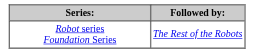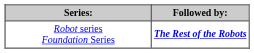 <table border="1" cellpadding="3" cellspacing="0" style="margin:auto;">
 <tr style="background:#ccc;">
 <th style="width:60%;">Series:<br></th>
 <th style="width:40%;">Followed by:</th>
 </tr>
 <tr style="text-align:center;">
 <td><a href='#'><em>Robot</em> series</a><br><a href='#'><em>Foundation</em> Series</a></td>
-<td><em><a href='#'>The Rest of the Robots</a></em><br></td>
+<td><strong><em><a href='#'>The Rest of the Robots</a></em><br></strong></td>
 </tr>
 </table>
